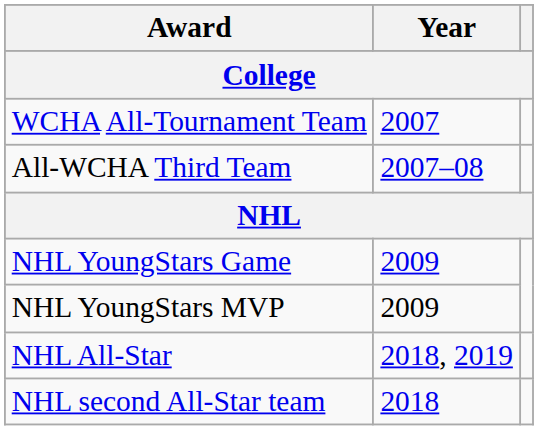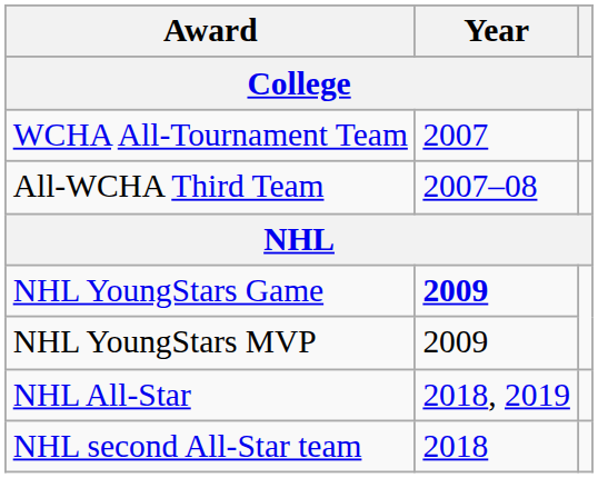 <table class="wikitable">
 <tr>
 <th>Award</th>
 <th>Year</th>
 <th></th>
 </tr>
 <tr>
 <th colspan="3"><a href='#'>College</a></th>
 </tr>
 <tr>
 <td><a href='#'>WCHA</a> <a href='#'>All-Tournament Team</a></td>
 <td><a href='#'>2007</a></td>
 <td></td>
 </tr>
 <tr>
 <td>All-WCHA <a href='#'>Third Team</a></td>
 <td><a href='#'>2007–08</a></td>
 <td></td>
 </tr>
 <tr>
 <th colspan="3"><a href='#'>NHL</a></th>
 </tr>
 <tr>
 <td><a href='#'>NHL YoungStars Game</a></td>
-<td><a href='#'>2009</a></td>
+<td><strong><a href='#'>2009</a></strong></td>
 <td rowspan="2"></td>
 </tr>
 <tr>
 <td>NHL YoungStars MVP</td>
 <td>2009</td>
 </tr>
 <tr>
 <td><a href='#'>NHL All-Star</a></td>
 <td><a href='#'>2018</a>, <a href='#'>2019</a></td>
 <td></td>
 </tr>
 <tr>
 <td><a href='#'>NHL second All-Star team</a></td>
 <td><a href='#'>2018</a></td>
 <td></td>
 </tr>
 </table>
